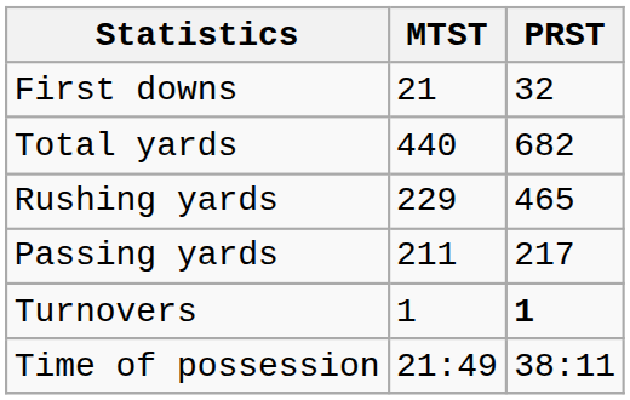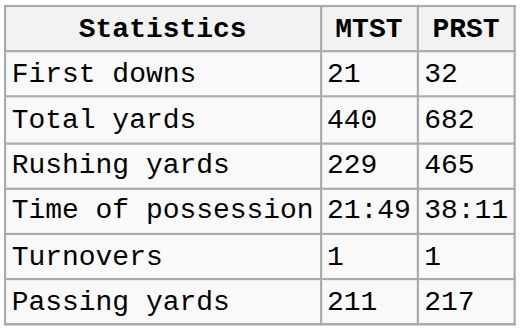 <table class="wikitable" style="float: left;">
 <tr>
 <th>Statistics</th>
 <th>MTST</th>
 <th>PRST</th>
 </tr>
 <tr>
 <td>First downs</td>
 <td>21</td>
 <td>32</td>
 </tr>
 <tr>
 <td>Total yards</td>
 <td>440</td>
 <td>682</td>
 </tr>
 <tr>
 <td>Rushing yards</td>
 <td>229</td>
 <td>465</td>
 </tr>
 <tr>
+<td>Time of possession</td>
+<td>21:49</td>
+<td>38:11</td>
+</tr>
+<tr>
+<td>Turnovers</td>
+<td>1</td>
+<td>1</td>
+</tr>
+<tr>
 <td>Passing yards</td>
 <td>211</td>
 <td>217</td>
 </tr>
 <tr>
-<td>Turnovers</td>
-<td>1</td>
-<td><strong>1</strong></td>
-</tr>
-<tr>
-<td>Time of possession</td>
-<td>21:49</td>
-<td>38:11</td>
-</tr>
-<tr>
 </tr>
 </table>
